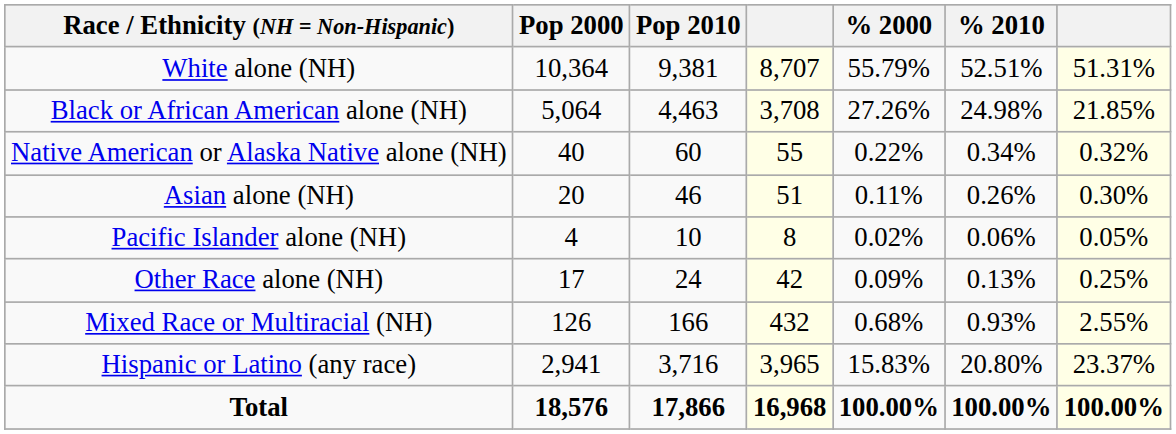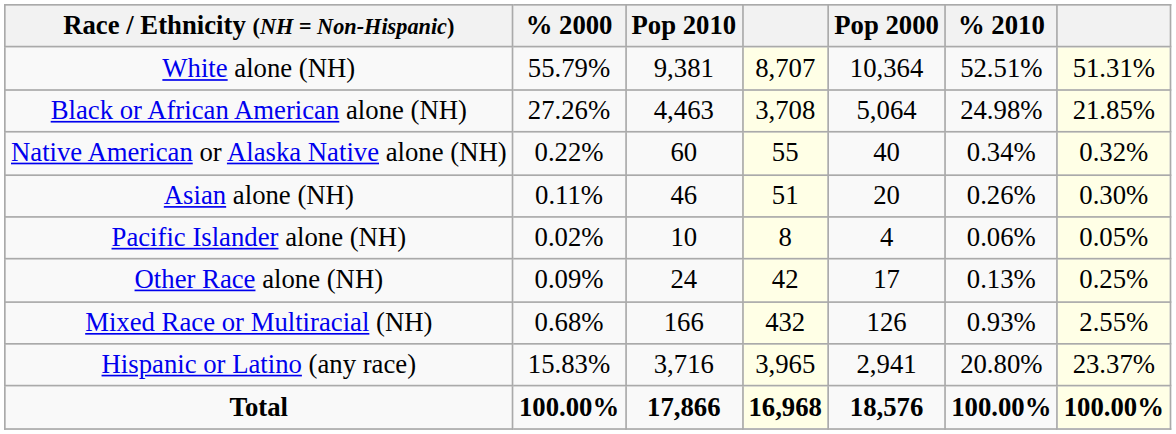 <table class="wikitable" style="text-align:center;">
 <tr>
 <th>Race / Ethnicity <small>(<em>NH = Non-Hispanic</em>)</small></th>
-<th>Pop 2000</th>
+<th>% 2000</th>
 <th>Pop 2010</th>
 <th></th>
-<th>% 2000</th>
+<th>Pop 2000</th>
 <th>% 2010</th>
 <th></th>
 </tr>
 <tr>
 <td><a href='#'>White</a> alone (NH)</td>
-<td>10,364</td>
+<td>55.79%</td>
 <td>9,381</td>
 <td style='background: #ffffe6;'>8,707</td>
-<td>55.79%</td>
+<td>10,364</td>
 <td>52.51%</td>
 <td style='background: #ffffe6;'>51.31%</td>
 </tr>
 <tr>
 <td><a href='#'>Black or African American</a> alone (NH)</td>
-<td>5,064</td>
+<td>27.26%</td>
 <td>4,463</td>
 <td style='background: #ffffe6;'>3,708</td>
-<td>27.26%</td>
+<td>5,064</td>
 <td>24.98%</td>
 <td style='background: #ffffe6;'>21.85%</td>
 </tr>
 <tr>
 <td><a href='#'>Native American</a> or <a href='#'>Alaska Native</a> alone (NH)</td>
-<td>40</td>
+<td>0.22%</td>
 <td>60</td>
 <td style='background: #ffffe6;'>55</td>
-<td>0.22%</td>
+<td>40</td>
 <td>0.34%</td>
 <td style='background: #ffffe6;'>0.32%</td>
 </tr>
 <tr>
 <td><a href='#'>Asian</a> alone (NH)</td>
-<td>20</td>
+<td>0.11%</td>
 <td>46</td>
 <td style='background: #ffffe6;'>51</td>
-<td>0.11%</td>
+<td>20</td>
 <td>0.26%</td>
 <td style='background: #ffffe6;'>0.30%</td>
 </tr>
 <tr>
 <td><a href='#'>Pacific Islander</a> alone (NH)</td>
-<td>4</td>
+<td>0.02%</td>
 <td>10</td>
 <td style='background: #ffffe6;'>8</td>
-<td>0.02%</td>
+<td>4</td>
 <td>0.06%</td>
 <td style='background: #ffffe6;'>0.05%</td>
 </tr>
 <tr>
 <td><a href='#'>Other Race</a> alone (NH)</td>
-<td>17</td>
+<td>0.09%</td>
 <td>24</td>
 <td style='background: #ffffe6;'>42</td>
-<td>0.09%</td>
+<td>17</td>
 <td>0.13%</td>
 <td style='background: #ffffe6;'>0.25%</td>
 </tr>
 <tr>
 <td><a href='#'>Mixed Race or Multiracial</a> (NH)</td>
-<td>126</td>
+<td>0.68%</td>
 <td>166</td>
 <td style='background: #ffffe6;'>432</td>
-<td>0.68%</td>
+<td>126</td>
 <td>0.93%</td>
 <td style='background: #ffffe6;'>2.55%</td>
 </tr>
 <tr>
 <td><a href='#'>Hispanic or Latino</a> (any race)</td>
-<td>2,941</td>
+<td>15.83%</td>
 <td>3,716</td>
 <td style='background: #ffffe6;'>3,965</td>
-<td>15.83%</td>
+<td>2,941</td>
 <td>20.80%</td>
 <td style='background: #ffffe6;'>23.37%</td>
 </tr>
 <tr>
 <td><strong>Total</strong></td>
-<td><strong>18,576</strong></td>
+<td><strong>100.00%</strong></td>
 <td><strong>17,866</strong></td>
 <td style='background: #ffffe6;'><strong>16,968</strong></td>
-<td><strong>100.00%</strong></td>
+<td><strong>18,576</strong></td>
 <td><strong>100.00%</strong></td>
 <td style='background: #ffffe6;'><strong>100.00%</strong></td>
 </tr>
 </table>
